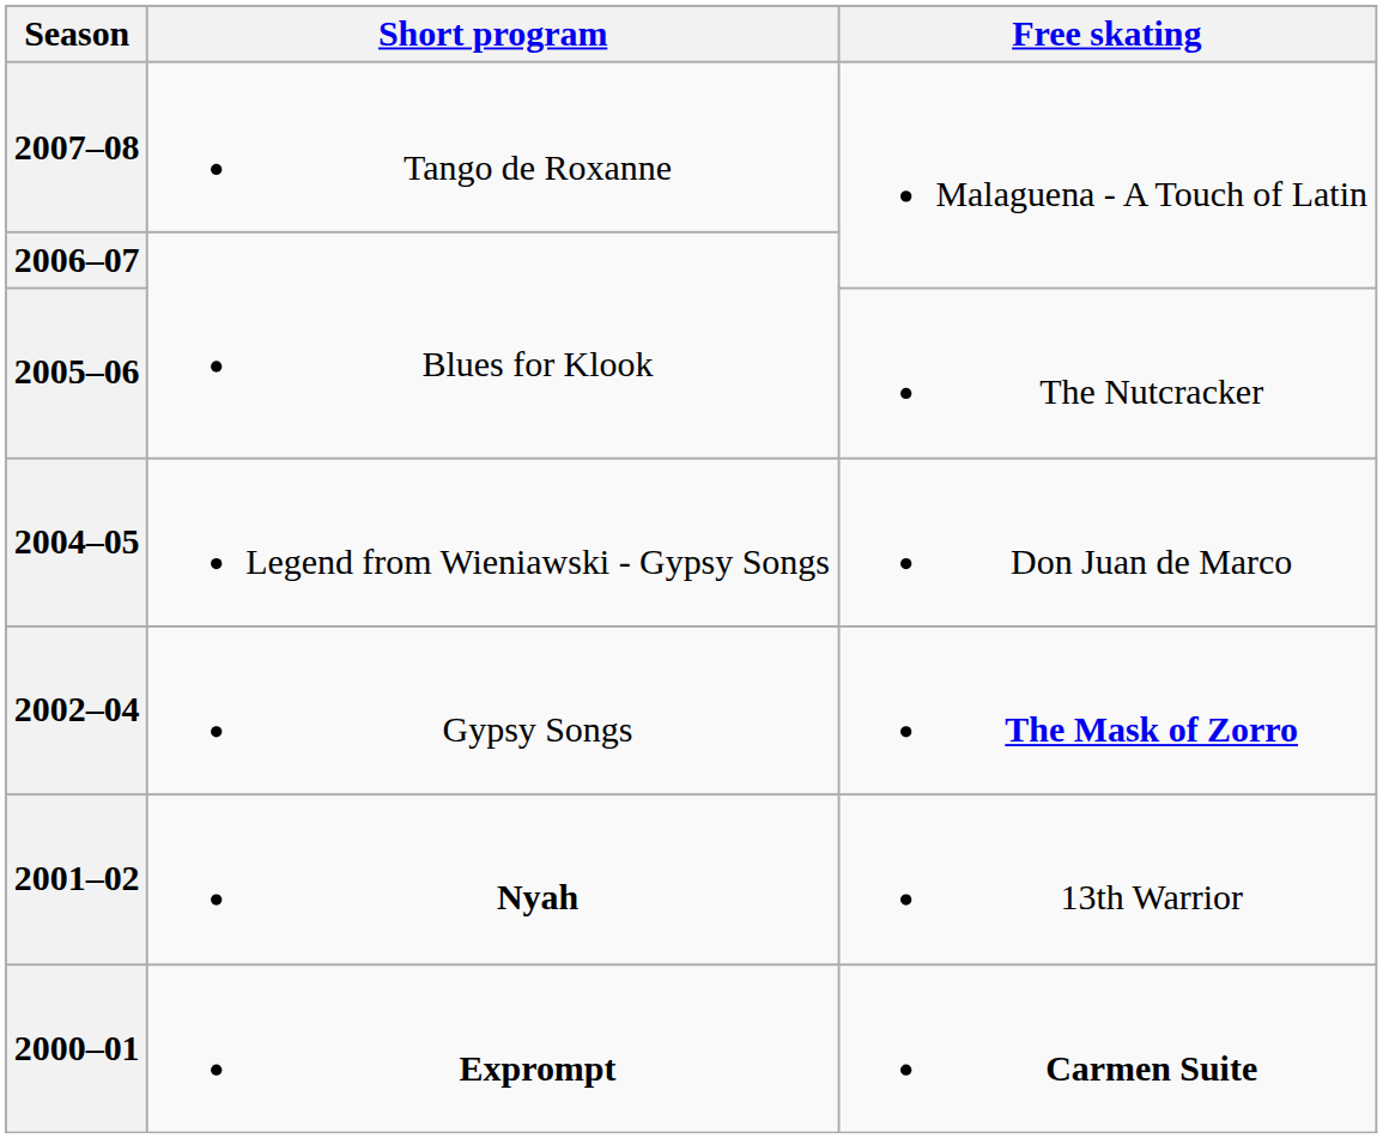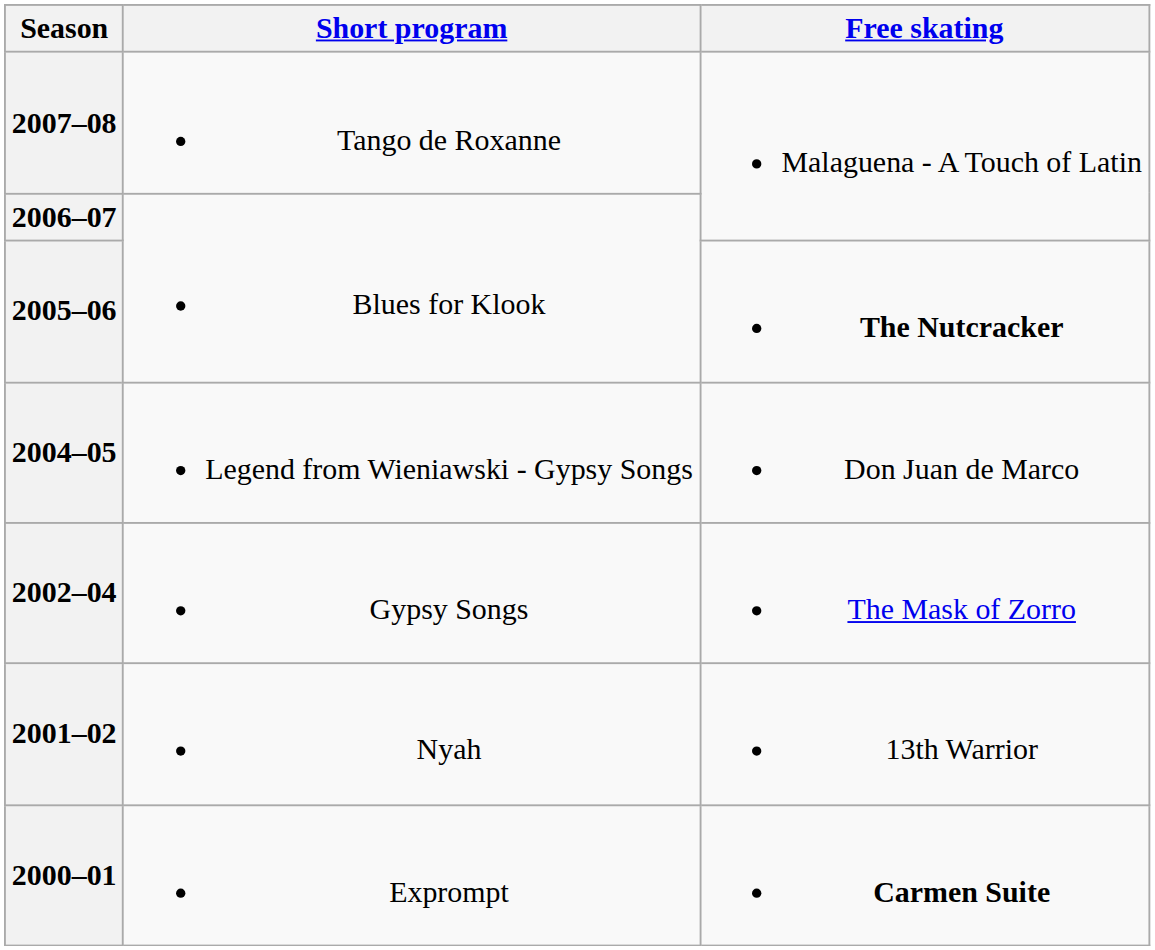 <table class=wikitable style=text-align:center>
 <tr>
 <th>Season</th>
 <th><a href='#'>Short program</a></th>
 <th><a href='#'>Free skating</a></th>
 </tr>
 <tr>
 <th>2007–08 <br></th>
 <td><br><ul><li>Tango de Roxanne <br></li></ul></td>
 <td rowspan=2><br><ul><li>Malaguena - A Touch of Latin <br></li></ul></td>
 </tr>
 <tr>
 <th>2006–07 <br></th>
 <td rowspan=2><br><ul><li>Blues for Klook <br></li></ul></td>
 </tr>
 <tr>
 <th>2005–06 <br></th>
-<td><br><ul><li>The Nutcracker <br></li></ul></td>
+<td><strong><br><ul><li>The Nutcracker <br></li></ul></strong></td>
 </tr>
 <tr>
 <th>2004–05 <br></th>
 <td><br><ul><li>Legend from Wieniawski - Gypsy Songs <br></li></ul></td>
 <td><br><ul><li>Don Juan de Marco <br></li></ul></td>
 </tr>
 <tr>
 <th>2002–04 <br></th>
 <td><br><ul><li>Gypsy Songs <br></li></ul></td>
-<td><strong><br><ul><li><a href='#'>The Mask of Zorro</a> <br></li></ul></strong></td>
+<td><br><ul><li><a href='#'>The Mask of Zorro</a> <br></li></ul></td>
 </tr>
 <tr>
 <th>2001–02 <br></th>
-<td><strong><br><ul><li>Nyah <br></li></ul></strong></td>
+<td><br><ul><li>Nyah <br></li></ul></td>
 <td><br><ul><li>13th Warrior <br></li></ul></td>
 </tr>
 <tr>
 <th>2000–01 <br></th>
-<td><strong><br><ul><li>Exprompt <br></li></ul></strong></td>
+<td><br><ul><li>Exprompt <br></li></ul></td>
 <td><strong><br><ul><li>Carmen Suite <br></li></ul></strong></td>
 </tr>
 </table>
